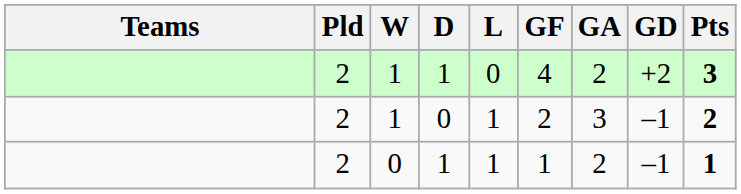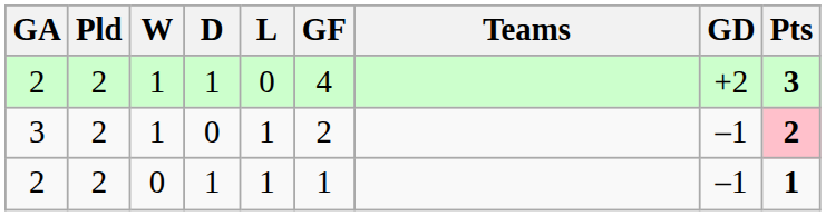 <table class="wikitable" style="text-align: center;">
 <tr>
-<th width=165>Teams</th>
+<th width=20>GA</th>
 <th width=20>Pld</th>
 <th width=20>W</th>
 <th width=20>D</th>
 <th width=20>L</th>
 <th width=20>GF</th>
-<th width=20>GA</th>
+<th width=165>Teams</th>
 <th width=20>GD</th>
 <th width=20>Pts</th>
 </tr>
 <tr align=center style="background:#ccffcc;">
-<td style="text-align:left;"></td>
+<td>2</td>
 <td>2</td>
 <td>1</td>
 <td>1</td>
 <td>0</td>
 <td>4</td>
-<td>2</td>
+<td style="text-align:left;"></td>
 <td>+2</td>
 <td><strong>3</strong></td>
 </tr>
 <tr align=center>
-<td style="text-align:left;"></td>
+<td>3</td>
 <td>2</td>
 <td>1</td>
 <td>0</td>
 <td>1</td>
 <td>2</td>
-<td>3</td>
+<td style="text-align:left;"></td>
 <td>–1</td>
-<td><strong>2</strong></td>
+<td style="background: pink;"><strong>2</strong></td>
 </tr>
 <tr align=center>
-<td style="text-align:left;"></td>
+<td>2</td>
 <td>2</td>
 <td>0</td>
 <td>1</td>
 <td>1</td>
 <td>1</td>
-<td>2</td>
+<td style="text-align:left;"></td>
 <td>–1</td>
 <td><strong>1</strong></td>
 </tr>
 </table>
